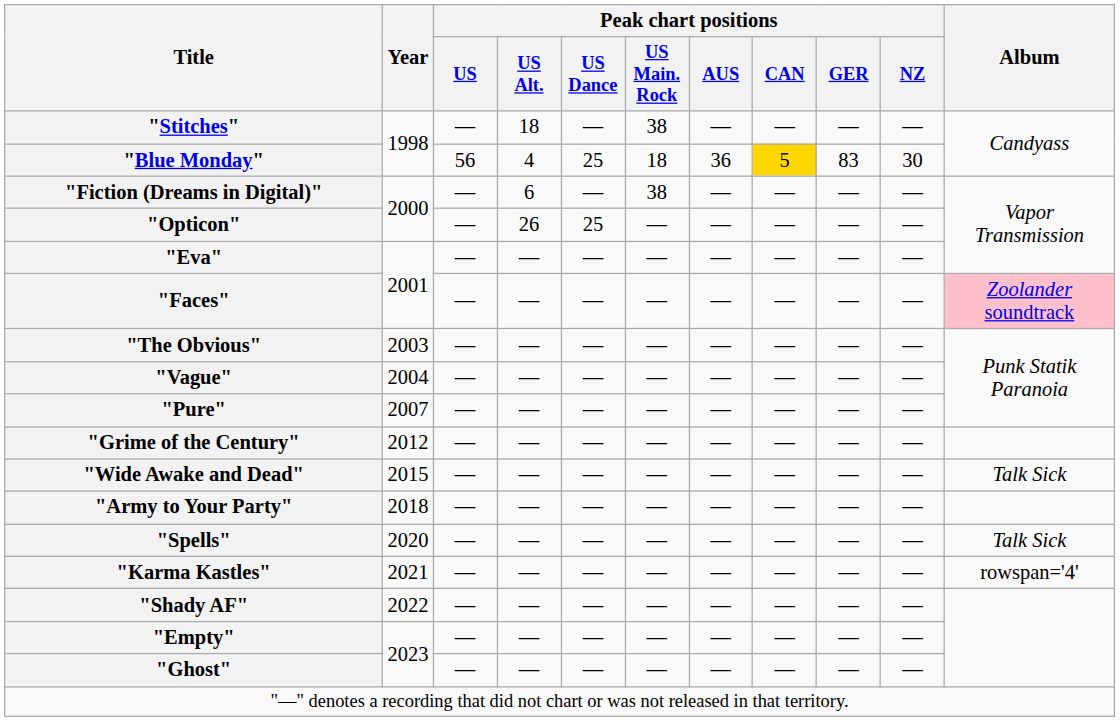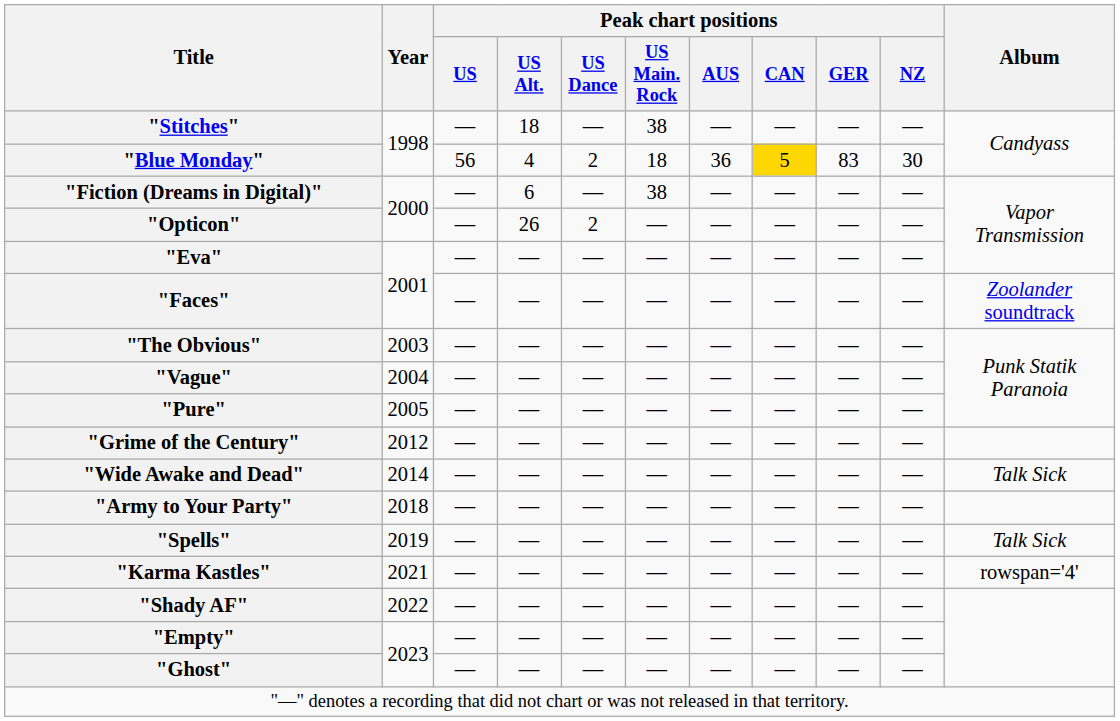 <table class="wikitable plainrowheaders" style="text-align:center;">
 <tr>
 <th scope="col" rowspan="2" style="width:18em;">Title</th>
 <th scope="col" rowspan="2">Year</th>
 <th scope="col" colspan="8">Peak chart positions</th>
 <th scope="col" rowspan="2">Album</th>
 </tr>
 <tr>
 <th scope="col" style="width:3em;font-size:90%;"><a href='#'>US</a><br></th>
 <th scope="col" style="width:3em;font-size:90%;"><a href='#'>US<br>Alt.</a><br></th>
 <th scope="col" style="width:3em;font-size:90%;"><a href='#'>US<br>Dance</a><br></th>
 <th scope="col" style="width:3em;font-size:90%;"><a href='#'>US<br>Main. Rock</a><br></th>
 <th scope="col" style="width:3em;font-size:90%;"><a href='#'>AUS</a><br></th>
 <th scope="col" style="width:3em;font-size:90%;"><a href='#'>CAN</a><br></th>
 <th scope="col" style="width:3em;font-size:90%;"><a href='#'>GER</a><br></th>
 <th scope="col" style="width:3em;font-size:90%;"><a href='#'>NZ</a><br></th>
 </tr>
 <tr>
 <th scope="row">"<a href='#'>Stitches</a>"</th>
 <td rowspan="2">1998</td>
 <td>—</td>
 <td>18</td>
 <td>—</td>
 <td>38</td>
 <td>—</td>
 <td>—</td>
 <td>—</td>
 <td>—</td>
 <td rowspan="2"><em>Candyass</em></td>
 </tr>
 <tr>
 <th scope="row">"<a href='#'>Blue Monday</a>"</th>
 <td>56</td>
 <td>4</td>
-<td>25</td>
+<td>2</td>
 <td>18</td>
 <td>36</td>
 <td style="background: gold;">5</td>
 <td>83</td>
 <td>30</td>
 </tr>
 <tr>
 <th scope="row">"Fiction (Dreams in Digital)"</th>
 <td rowspan="2">2000</td>
 <td>—</td>
 <td>6</td>
 <td>—</td>
 <td>38</td>
 <td>—</td>
 <td>—</td>
 <td>—</td>
 <td>—</td>
 <td rowspan="3"><em>Vapor Transmission</em></td>
 </tr>
 <tr>
 <th scope="row">"Opticon"</th>
 <td>—</td>
 <td>26</td>
-<td>25</td>
+<td>2</td>
 <td>—</td>
 <td>—</td>
 <td>—</td>
 <td>—</td>
 <td>—</td>
 </tr>
 <tr>
 <th scope="row">"Eva"</th>
 <td rowspan="2">2001</td>
 <td>—</td>
 <td>—</td>
 <td>—</td>
 <td>—</td>
 <td>—</td>
 <td>—</td>
 <td>—</td>
 <td>—</td>
 </tr>
 <tr>
 <th scope="row">"Faces"</th>
 <td>—</td>
 <td>—</td>
 <td>—</td>
 <td>—</td>
 <td>—</td>
 <td>—</td>
 <td>—</td>
 <td>—</td>
-<td style="background: pink;"><a href='#'><em>Zoolander</em> soundtrack</a></td>
+<td><a href='#'><em>Zoolander</em> soundtrack</a></td>
 </tr>
 <tr>
 <th scope="row">"The Obvious"</th>
 <td>2003</td>
 <td>—</td>
 <td>—</td>
 <td>—</td>
 <td>—</td>
 <td>—</td>
 <td>—</td>
 <td>—</td>
 <td>—</td>
 <td rowspan="3"><em>Punk Statik Paranoia</em></td>
 </tr>
 <tr>
 <th scope="row">"Vague"</th>
 <td>2004</td>
 <td>—</td>
 <td>—</td>
 <td>—</td>
 <td>—</td>
 <td>—</td>
 <td>—</td>
 <td>—</td>
 <td>—</td>
 </tr>
 <tr>
 <th scope="row">"Pure"</th>
-<td>2007</td>
+<td>2005</td>
 <td>—</td>
 <td>—</td>
 <td>—</td>
 <td>—</td>
 <td>—</td>
 <td>—</td>
 <td>—</td>
 <td>—</td>
 </tr>
 <tr>
 <th scope="row">"Grime of the Century"</th>
 <td>2012</td>
 <td>—</td>
 <td>—</td>
 <td>—</td>
 <td>—</td>
 <td>—</td>
 <td>—</td>
 <td>—</td>
 <td>—</td>
 <td></td>
 </tr>
 <tr>
 <th scope="row">"Wide Awake and Dead"</th>
-<td>2015</td>
+<td>2014</td>
 <td>—</td>
 <td>—</td>
 <td>—</td>
 <td>—</td>
 <td>—</td>
 <td>—</td>
 <td>—</td>
 <td>—</td>
 <td><em>Talk Sick</em></td>
 </tr>
 <tr>
 <th scope="row">"Army to Your Party"<br></th>
 <td>2018</td>
 <td>—</td>
 <td>—</td>
 <td>—</td>
 <td>—</td>
 <td>—</td>
 <td>—</td>
 <td>—</td>
 <td>—</td>
 <td></td>
 </tr>
 <tr>
 <th scope="row">"Spells"</th>
-<td>2020</td>
+<td>2019</td>
 <td>—</td>
 <td>—</td>
 <td>—</td>
 <td>—</td>
 <td>—</td>
 <td>—</td>
 <td>—</td>
 <td>—</td>
 <td><em>Talk Sick</em></td>
 </tr>
 <tr>
 <th scope="row">"Karma Kastles"</th>
 <td>2021</td>
 <td>—</td>
 <td>—</td>
 <td>—</td>
 <td>—</td>
 <td>—</td>
 <td>—</td>
 <td>—</td>
 <td>—</td>
 <td>rowspan='4' </td>
 </tr>
 <tr>
 <th scope="row">"Shady AF" <br></th>
 <td>2022</td>
 <td>—</td>
 <td>—</td>
 <td>—</td>
 <td>—</td>
 <td>—</td>
 <td>—</td>
 <td>—</td>
 <td>—</td>
 </tr>
 <tr>
 <th scope="row">"Empty" <br></th>
 <td rowspan="2">2023</td>
 <td>—</td>
 <td>—</td>
 <td>—</td>
 <td>—</td>
 <td>—</td>
 <td>—</td>
 <td>—</td>
 <td>—</td>
 </tr>
 <tr>
 <th scope="row">"Ghost" <br></th>
 <td>—</td>
 <td>—</td>
 <td>—</td>
 <td>—</td>
 <td>—</td>
 <td>—</td>
 <td>—</td>
 <td>—</td>
 </tr>
 <tr>
 <td colspan="13" style="font-size:90%">"—" denotes a recording that did not chart or was not released in that territory.</td>
 </tr>
 </table>
